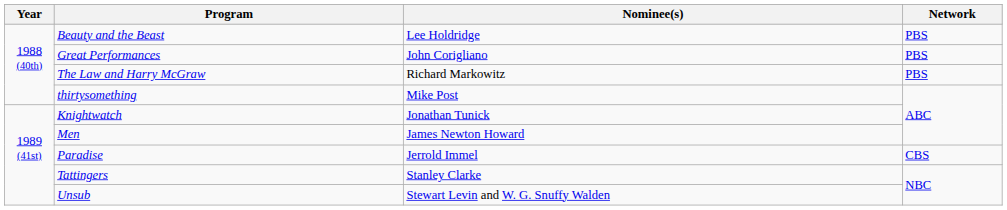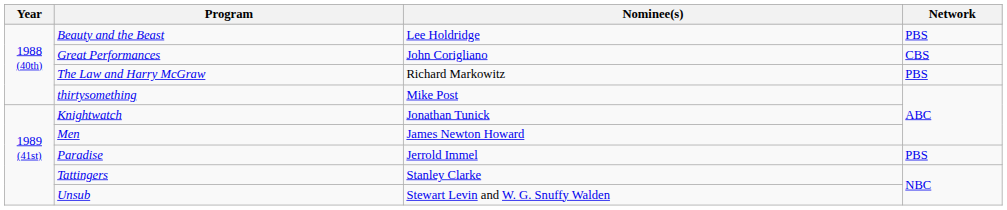 <table class="wikitable" style="width:100%">
 <tr bgcolor="#bebebe">
 <th width="5%">Year</th>
 <th width="35%">Program</th>
 <th width="50%">Nominee(s)</th>
 <th width="10%">Network</th>
 </tr>
 <tr>
 <td rowspan=4 style="text-align:center;"><a href='#'>1988</a><br><small><a href='#'>(40th)</a></small><br><br></td>
 <td><em><a href='#'>Beauty and the Beast</a></em></td>
 <td><a href='#'>Lee Holdridge</a></td>
 <td><a href='#'>PBS</a></td>
 </tr>
 <tr>
 <td><em><a href='#'>Great Performances</a></em></td>
 <td><a href='#'>John Corigliano</a></td>
-<td><a href='#'>PBS</a></td>
+<td><a href='#'>CBS</a></td>
 </tr>
 <tr>
 <td><em><a href='#'>The Law and Harry McGraw</a></em></td>
 <td>Richard Markowitz</td>
 <td><a href='#'>PBS</a></td>
 </tr>
 <tr>
 <td><em><a href='#'>thirtysomething</a></em></td>
 <td><a href='#'>Mike Post</a></td>
 <td rowspan=3><a href='#'>ABC</a></td>
 </tr>
 <tr>
 <td rowspan=5 style="text-align:center;"><a href='#'>1989</a><br><small><a href='#'>(41st)</a></small><br><br></td>
 <td><em><a href='#'>Knightwatch</a></em></td>
 <td><a href='#'>Jonathan Tunick</a></td>
 </tr>
 <tr>
 <td><em><a href='#'>Men</a></em></td>
 <td><a href='#'>James Newton Howard</a></td>
 </tr>
 <tr>
 <td><em><a href='#'>Paradise</a></em></td>
 <td><a href='#'>Jerrold Immel</a></td>
-<td><a href='#'>CBS</a></td>
+<td><a href='#'>PBS</a></td>
 </tr>
 <tr>
 <td><em><a href='#'>Tattingers</a></em></td>
 <td><a href='#'>Stanley Clarke</a></td>
 <td rowspan=2><a href='#'>NBC</a></td>
 </tr>
 <tr>
 <td><em><a href='#'>Unsub</a></em></td>
 <td><a href='#'>Stewart Levin</a> and <a href='#'>W. G. Snuffy Walden</a></td>
 </tr>
 </table>
